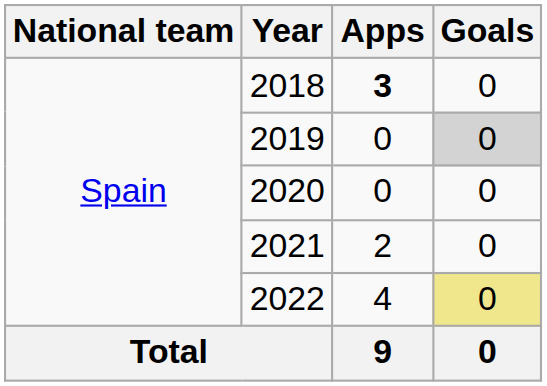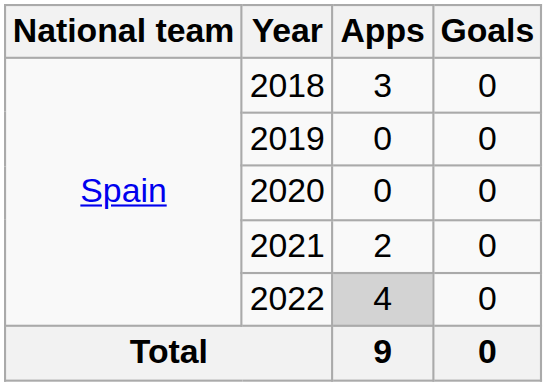 <table class="wikitable" style="text-align: center;">
 <tr>
 <th>National team</th>
 <th>Year</th>
 <th>Apps</th>
 <th>Goals</th>
 </tr>
 <tr>
 <td rowspan="5"><a href='#'>Spain</a></td>
 <td>2018</td>
-<td><strong>3</strong></td>
+<td>3</td>
 <td>0</td>
 </tr>
 <tr>
 <td>2019</td>
 <td>0</td>
-<td style="background: lightgrey;">0</td>
+<td>0</td>
 </tr>
 <tr>
 <td>2020</td>
 <td>0</td>
 <td>0</td>
 </tr>
 <tr>
 <td>2021</td>
 <td>2</td>
 <td>0</td>
 </tr>
 <tr>
 <td>2022</td>
-<td>4</td>
-<td style="background: khaki;">0</td>
+<td style="background: lightgrey;">4</td>
+<td>0</td>
 </tr>
 <tr>
 <th colspan="2">Total</th>
 <th>9</th>
 <th>0</th>
 </tr>
 </table>
